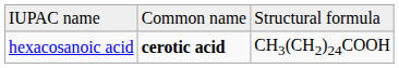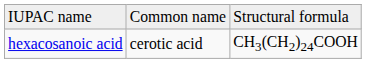 <table class="wikitable">
 <tr bgcolor="#efefef">
 <td>IUPAC name</td>
 <td>Common name</td>
 <td>Structural formula</td>
 </tr>
 <tr>
 <td><a href='#'>hexacosanoic acid</a></td>
-<td><strong>cerotic acid</strong></td>
+<td>cerotic acid</td>
 <td>CH<sub>3</sub>(CH<sub>2</sub>)<sub>24</sub>COOH</td>
 </tr>
 </table>
